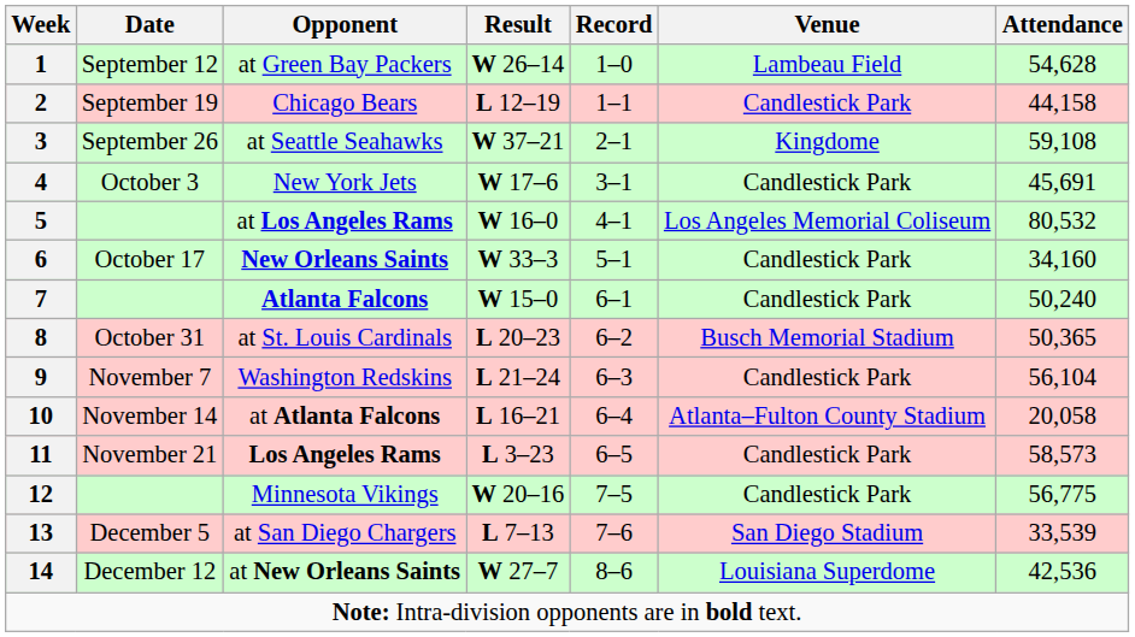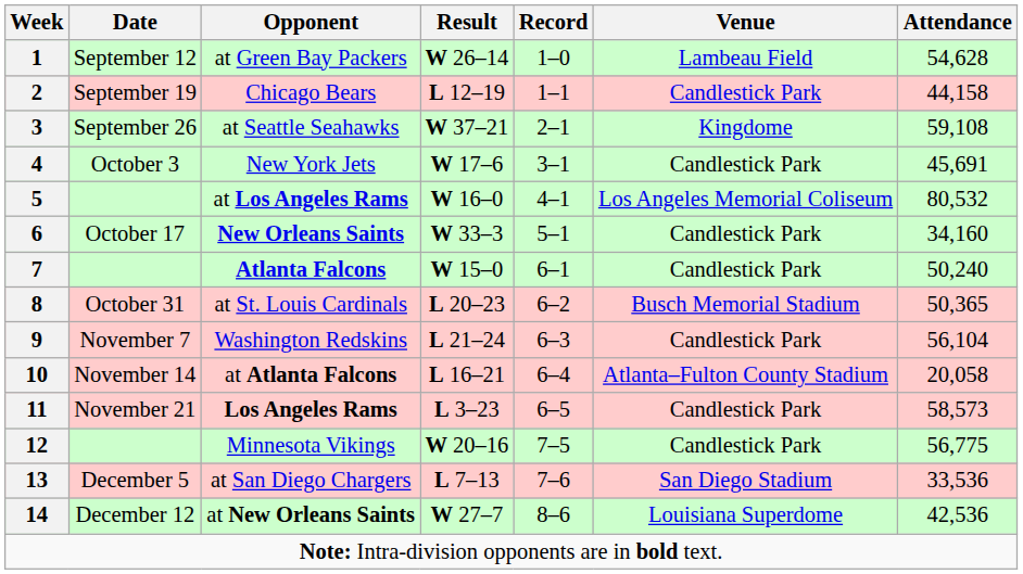 <table class="wikitable" style="text-align:center">
 <tr>
 <th>Week</th>
 <th>Date</th>
 <th>Opponent</th>
 <th>Result</th>
 <th>Record</th>
 <th>Venue</th>
 <th>Attendance</th>
 </tr>
 <tr style="background:#cfc">
 <th>1</th>
 <td>September 12</td>
 <td>at <a href='#'>Green Bay Packers</a></td>
 <td><strong>W</strong> 26–14</td>
 <td>1–0</td>
 <td><a href='#'>Lambeau Field</a></td>
 <td>54,628</td>
 </tr>
 <tr style="background:#fcc">
 <th>2</th>
 <td>September 19</td>
 <td><a href='#'>Chicago Bears</a></td>
 <td><strong>L</strong> 12–19</td>
 <td>1–1</td>
 <td><a href='#'>Candlestick Park</a></td>
 <td>44,158</td>
 </tr>
 <tr style="background:#cfc">
 <th>3</th>
 <td>September 26</td>
 <td>at <a href='#'>Seattle Seahawks</a></td>
 <td><strong>W</strong> 37–21</td>
 <td>2–1</td>
 <td><a href='#'>Kingdome</a></td>
 <td>59,108</td>
 </tr>
 <tr style="background:#cfc">
 <th>4</th>
 <td>October 3</td>
 <td><a href='#'>New York Jets</a></td>
 <td><strong>W</strong> 17–6</td>
 <td>3–1</td>
 <td>Candlestick Park</td>
 <td>45,691</td>
 </tr>
 <tr style="background:#cfc">
 <th>5</th>
 <td></td>
 <td>at <strong><a href='#'>Los Angeles Rams</a></strong></td>
 <td><strong>W</strong> 16–0</td>
 <td>4–1</td>
 <td><a href='#'>Los Angeles Memorial Coliseum</a></td>
 <td>80,532</td>
 </tr>
 <tr style="background:#cfc">
 <th>6</th>
 <td>October 17</td>
 <td><strong><a href='#'>New Orleans Saints</a></strong></td>
 <td><strong>W</strong> 33–3</td>
 <td>5–1</td>
 <td>Candlestick Park</td>
 <td>34,160</td>
 </tr>
 <tr style="background:#cfc">
 <th>7</th>
 <td></td>
 <td><strong><a href='#'>Atlanta Falcons</a></strong></td>
 <td><strong>W</strong> 15–0</td>
 <td>6–1</td>
 <td>Candlestick Park</td>
 <td>50,240</td>
 </tr>
 <tr style="background:#fcc">
 <th>8</th>
 <td>October 31</td>
 <td>at <a href='#'>St. Louis Cardinals</a></td>
 <td><strong>L</strong> 20–23 </td>
 <td>6–2</td>
 <td><a href='#'>Busch Memorial Stadium</a></td>
 <td>50,365</td>
 </tr>
 <tr style="background:#fcc">
 <th>9</th>
 <td>November 7</td>
 <td><a href='#'>Washington Redskins</a></td>
 <td><strong>L</strong> 21–24</td>
 <td>6–3</td>
 <td>Candlestick Park</td>
 <td>56,104</td>
 </tr>
 <tr style="background:#fcc">
 <th>10</th>
 <td>November 14</td>
 <td>at <strong>Atlanta Falcons</strong></td>
 <td><strong>L</strong> 16–21</td>
 <td>6–4</td>
 <td><a href='#'>Atlanta–Fulton County Stadium</a></td>
 <td>20,058</td>
 </tr>
 <tr style="background:#fcc">
 <th>11</th>
 <td>November 21</td>
 <td><strong>Los Angeles Rams</strong></td>
 <td><strong>L</strong> 3–23</td>
 <td>6–5</td>
 <td>Candlestick Park</td>
 <td>58,573</td>
 </tr>
 <tr style="background:#cfc">
 <th>12</th>
 <td></td>
 <td><a href='#'>Minnesota Vikings</a></td>
 <td><strong>W</strong> 20–16</td>
 <td>7–5</td>
 <td>Candlestick Park</td>
 <td>56,775</td>
 </tr>
 <tr style="background:#fcc">
 <th>13</th>
 <td>December 5</td>
 <td>at <a href='#'>San Diego Chargers</a></td>
 <td><strong>L</strong> 7–13 </td>
 <td>7–6</td>
 <td><a href='#'>San Diego Stadium</a></td>
-<td>33,539</td>
+<td>33,536</td>
 </tr>
 <tr style="background:#cfc">
 <th>14</th>
 <td>December 12</td>
 <td>at <strong>New Orleans Saints</strong></td>
 <td><strong>W</strong> 27–7</td>
 <td>8–6</td>
 <td><a href='#'>Louisiana Superdome</a></td>
 <td>42,536</td>
 </tr>
 <tr>
 <td colspan="8"><strong>Note:</strong> Intra-division opponents are in <strong>bold</strong> text.</td>
 </tr>
 </table>
